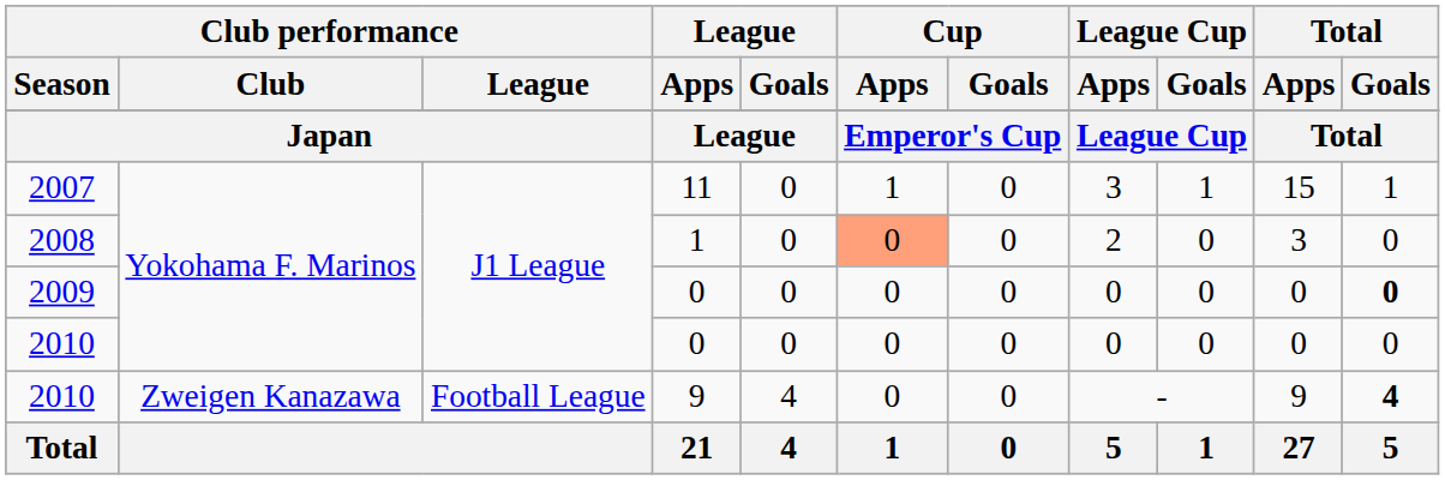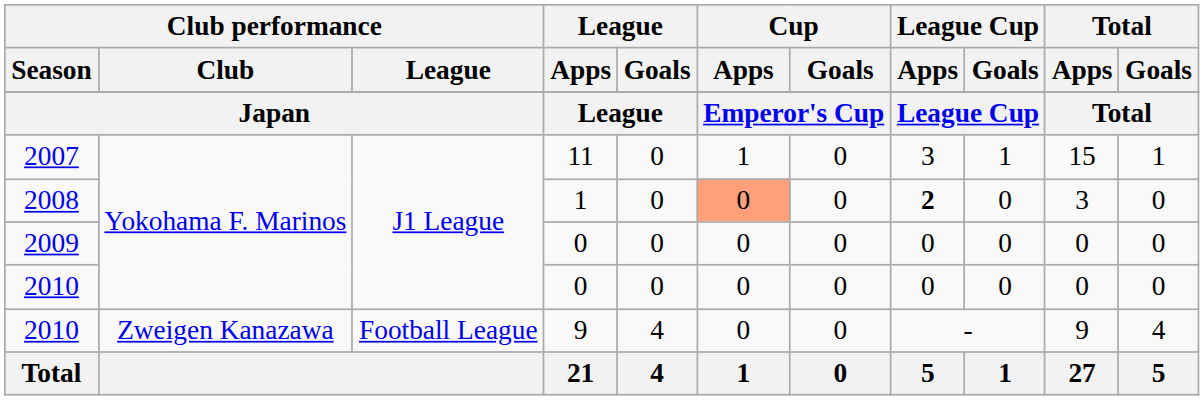 <table class="wikitable" style="text-align:center">
 <tr>
 <th colspan=3>Club performance</th>
 <th colspan=2>League</th>
 <th colspan=2>Cup</th>
 <th colspan=2>League Cup</th>
 <th colspan=2>Total</th>
 </tr>
 <tr>
 <th>Season</th>
 <th>Club</th>
 <th>League</th>
 <th>Apps</th>
 <th>Goals</th>
 <th>Apps</th>
 <th>Goals</th>
 <th>Apps</th>
 <th>Goals</th>
 <th>Apps</th>
 <th>Goals</th>
 </tr>
 <tr>
 </tr>
 <tr>
 <th colspan=3>Japan</th>
 <th colspan=2>League</th>
 <th colspan=2><a href='#'>Emperor's Cup</a></th>
 <th colspan=2><a href='#'>League Cup</a></th>
 <th colspan=2>Total</th>
 </tr>
 <tr>
 <td><a href='#'>2007</a></td>
 <td rowspan="4"><a href='#'>Yokohama F. Marinos</a></td>
 <td rowspan="4"><a href='#'>J1 League</a></td>
 <td>11</td>
 <td>0</td>
 <td>1</td>
 <td>0</td>
 <td>3</td>
 <td>1</td>
 <td>15</td>
 <td>1</td>
 </tr>
 <tr>
 <td><a href='#'>2008</a></td>
 <td>1</td>
 <td>0</td>
 <td style="background: lightsalmon;">0</td>
 <td>0</td>
-<td>2</td>
+<td><strong>2</strong></td>
 <td>0</td>
 <td>3</td>
 <td>0</td>
 </tr>
 <tr>
 <td><a href='#'>2009</a></td>
 <td>0</td>
 <td>0</td>
 <td>0</td>
 <td>0</td>
 <td>0</td>
 <td>0</td>
 <td>0</td>
-<td><strong>0</strong></td>
+<td>0</td>
 </tr>
 <tr>
 <td><a href='#'>2010</a></td>
 <td>0</td>
 <td>0</td>
 <td>0</td>
 <td>0</td>
 <td>0</td>
 <td>0</td>
 <td>0</td>
 <td>0</td>
 </tr>
 <tr>
 <td><a href='#'>2010</a></td>
 <td><a href='#'>Zweigen Kanazawa</a></td>
 <td><a href='#'>Football League</a></td>
 <td>9</td>
 <td>4</td>
 <td>0</td>
 <td>0</td>
 <td colspan="2">-</td>
 <td>9</td>
-<td><strong>4</strong></td>
+<td>4</td>
 </tr>
 <tr>
 <th rowspan="1">Total</th>
 <th colspan="2"></th>
 <th>21</th>
 <th>4</th>
 <th>1</th>
 <th>0</th>
 <th>5</th>
 <th>1</th>
 <th>27</th>
 <th>5</th>
 </tr>
 </table>
